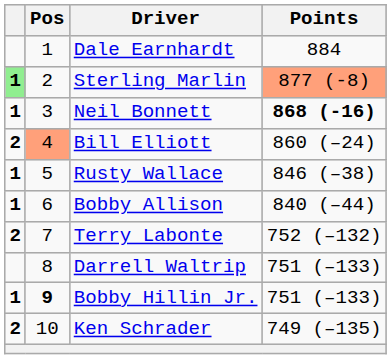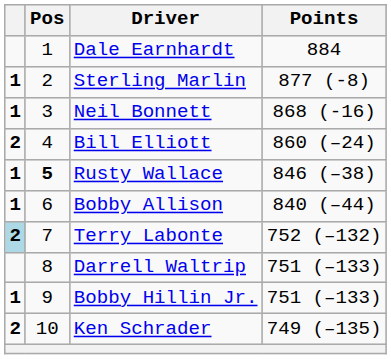 <table class="wikitable" style="font-size: 95%;">
 <tr>
 <th></th>
 <th>Pos</th>
 <th>Driver</th>
 <th>Points</th>
 </tr>
 <tr>
 <td align="left"></td>
 <td style="text-align:center;">1</td>
 <td><a href='#'>Dale Earnhardt</a></td>
 <td style="text-align:center;">884</td>
 </tr>
 <tr>
-<td align="left" style="background: lightgreen;">  <strong>1</strong></td>
+<td align="left">  <strong>1</strong></td>
 <td style="text-align:center;">2</td>
 <td><a href='#'>Sterling Marlin</a></td>
-<td style="background: lightsalmon; text-align:center;">877 (-8)</td>
+<td style="text-align:center;">877 (-8)</td>
 </tr>
 <tr>
 <td align="left">  <strong>1</strong></td>
 <td style="text-align:center;">3</td>
 <td><a href='#'>Neil Bonnett</a></td>
-<td style="text-align:center;"><strong>868 (-16)</strong></td>
+<td style="text-align:center;">868 (-16)</td>
 </tr>
 <tr>
 <td align="left">  <strong>2</strong></td>
-<td style="background: lightsalmon; text-align:center;">4</td>
+<td style="text-align:center;">4</td>
 <td><a href='#'>Bill Elliott</a></td>
 <td style="text-align:center;">860 (–24)</td>
 </tr>
 <tr>
 <td align="left">  <strong>1</strong></td>
-<td style="text-align:center;">5</td>
+<td style="text-align:center;"><strong>5</strong></td>
 <td><a href='#'>Rusty Wallace</a></td>
 <td style="text-align:center;">846 (–38)</td>
 </tr>
 <tr>
 <td align="left">  <strong>1</strong></td>
 <td style="text-align:center;">6</td>
 <td><a href='#'>Bobby Allison</a></td>
 <td style="text-align:center;">840 (–44)</td>
 </tr>
 <tr>
-<td align="left">  <strong>2</strong></td>
+<td align="left" style="background: lightblue;">  <strong>2</strong></td>
 <td style="text-align:center;">7</td>
 <td><a href='#'>Terry Labonte</a></td>
 <td style="text-align:center;">752 (–132)</td>
 </tr>
 <tr>
 <td align="left"></td>
 <td style="text-align:center;">8</td>
 <td><a href='#'>Darrell Waltrip</a></td>
 <td style="text-align:center;">751 (–133)</td>
 </tr>
 <tr>
 <td align="left">  <strong>1</strong></td>
-<td style="text-align:center;"><strong>9</strong></td>
+<td style="text-align:center;">9</td>
 <td><a href='#'>Bobby Hillin Jr.</a></td>
 <td style="text-align:center;">751 (–133)</td>
 </tr>
 <tr>
 <td align="left">  <strong>2</strong></td>
 <td style="text-align:center;">10</td>
 <td><a href='#'>Ken Schrader</a></td>
 <td style="text-align:center;">749 (–135)</td>
 </tr>
 <tr class="sortbottom">
 <th colspan="9"></th>
 </tr>
 </table>
